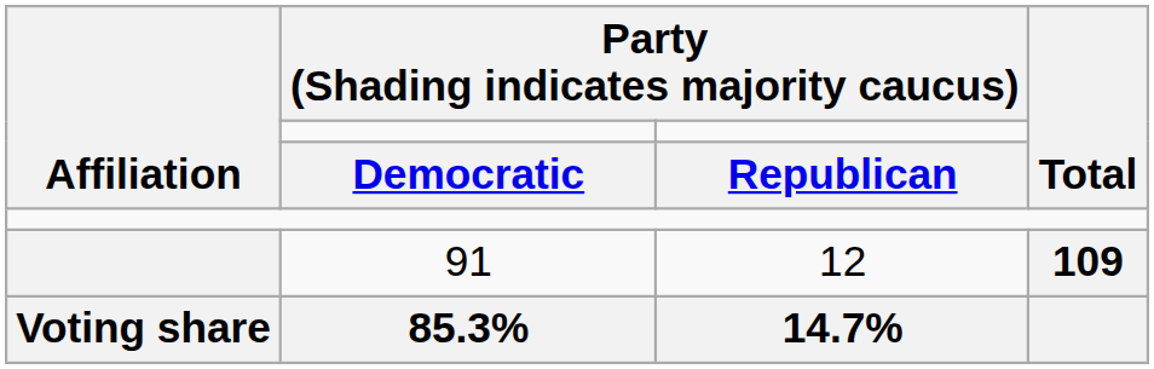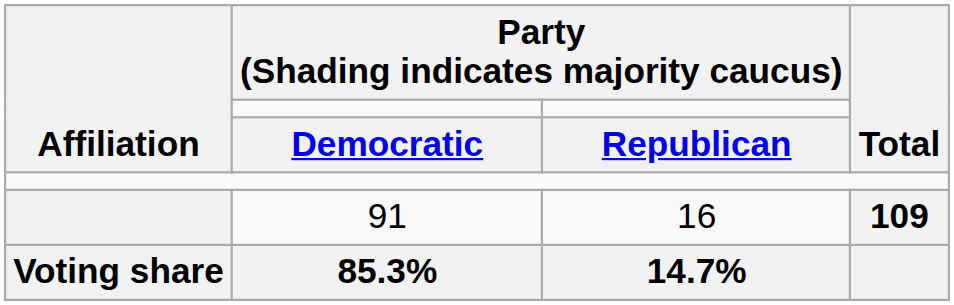 <table class=wikitable style="text-align:center">
 <tr style="vertical-align:bottom;">
 <th rowspan=3>Affiliation</th>
 <th colspan=2>Party <div>(Shading indicates majority caucus)</div></th>
 <th rowspan=3>Total</th>
 </tr>
 <tr style="height:5px">
 <td style="background-color:"></td>
 <td style="background-color:"></td>
 </tr>
 <tr>
 <th><a href='#'>Democratic</a></th>
 <th><a href='#'>Republican</a></th>
 </tr>
 <tr>
 <td colspan=5></td>
 </tr>
 <tr>
 <th nowrap style="font-size:80%"></th>
 <td>91</td>
-<td>12</td>
+<td>16</td>
 <th>109</th>
 </tr>
 <tr>
 <th>Voting share</th>
 <th>85.3%</th>
 <th>14.7% </th>
 <th colspan=2></th>
 </tr>
 </table>
